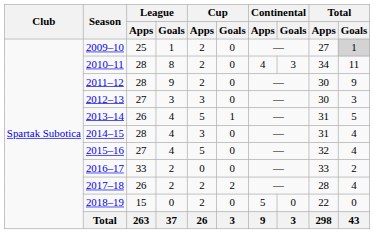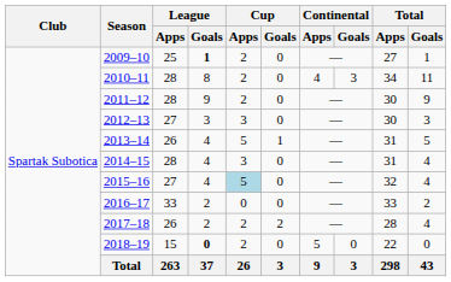 <table class="wikitable" style="text-align:center">
 <tr>
 <th rowspan="2">Club</th>
 <th rowspan="2">Season</th>
 <th colspan="2">League</th>
 <th colspan="2">Cup</th>
 <th colspan="2">Continental</th>
 <th colspan="2">Total</th>
 </tr>
 <tr>
 <th>Apps</th>
 <th>Goals</th>
 <th>Apps</th>
 <th>Goals</th>
 <th>Apps</th>
 <th>Goals</th>
 <th>Apps</th>
 <th>Goals</th>
 </tr>
 <tr>
 <td rowspan="11"><a href='#'>Spartak Subotica</a></td>
 <td><a href='#'>2009–10</a></td>
 <td>25</td>
-<td>1</td>
+<td><strong>1</strong></td>
 <td>2</td>
 <td>0</td>
 <td colspan="2">—</td>
 <td>27</td>
-<td style="background: lightgrey;">1</td>
+<td>1</td>
 </tr>
 <tr>
 <td><a href='#'>2010–11</a></td>
 <td>28</td>
 <td>8</td>
 <td>2</td>
 <td>0</td>
 <td>4</td>
 <td>3</td>
 <td>34</td>
 <td>11</td>
 </tr>
 <tr>
 <td><a href='#'>2011–12</a></td>
 <td>28</td>
 <td>9</td>
 <td>2</td>
 <td>0</td>
 <td colspan="2">—</td>
 <td>30</td>
 <td>9</td>
 </tr>
 <tr>
 <td><a href='#'>2012–13</a></td>
 <td>27</td>
 <td>3</td>
 <td>3</td>
 <td>0</td>
 <td colspan="2">—</td>
 <td>30</td>
 <td>3</td>
 </tr>
 <tr>
 <td><a href='#'>2013–14</a></td>
 <td>26</td>
 <td>4</td>
 <td>5</td>
 <td>1</td>
 <td colspan="2">—</td>
 <td>31</td>
 <td>5</td>
 </tr>
 <tr>
 <td><a href='#'>2014–15</a></td>
 <td>28</td>
 <td>4</td>
 <td>3</td>
 <td>0</td>
 <td colspan="2">—</td>
 <td>31</td>
 <td>4</td>
 </tr>
 <tr>
 <td><a href='#'>2015–16</a></td>
 <td>27</td>
 <td>4</td>
-<td>5</td>
+<td style="background: lightblue;">5</td>
 <td>0</td>
 <td colspan="2">—</td>
 <td>32</td>
 <td>4</td>
 </tr>
 <tr>
 <td><a href='#'>2016–17</a></td>
 <td>33</td>
 <td>2</td>
 <td>0</td>
 <td>0</td>
 <td colspan="2">—</td>
 <td>33</td>
 <td>2</td>
 </tr>
 <tr>
 <td><a href='#'>2017–18</a></td>
 <td>26</td>
 <td>2</td>
 <td>2</td>
 <td>2</td>
 <td colspan="2">—</td>
 <td>28</td>
 <td>4</td>
 </tr>
 <tr>
 <td><a href='#'>2018–19</a></td>
 <td>15</td>
-<td>0</td>
+<td><strong>0</strong></td>
 <td>2</td>
 <td>0</td>
 <td>5</td>
 <td>0</td>
 <td>22</td>
 <td>0</td>
 </tr>
 <tr>
 <th>Total</th>
 <th>263</th>
 <th>37</th>
 <th>26</th>
 <th>3</th>
 <th>9</th>
 <th>3</th>
 <th>298</th>
 <th>43</th>
 </tr>
 </table>
